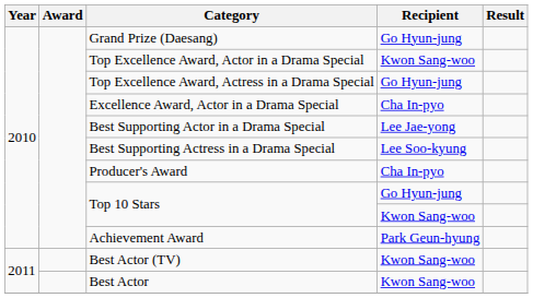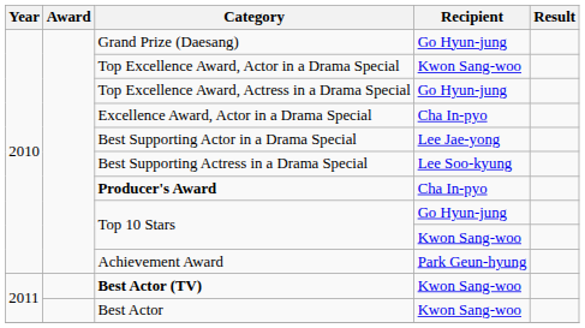 <table class="wikitable">
 <tr>
 <th>Year</th>
 <th>Award</th>
 <th>Category</th>
 <th>Recipient</th>
 <th>Result</th>
 </tr>
 <tr>
 <td rowspan=10>2010</td>
 <td rowspan=10></td>
 <td>Grand Prize (Daesang)</td>
 <td><a href='#'>Go Hyun-jung</a></td>
 <td></td>
 </tr>
 <tr>
 <td>Top Excellence Award, Actor in a Drama Special</td>
 <td><a href='#'>Kwon Sang-woo</a></td>
 <td></td>
 </tr>
 <tr>
 <td>Top Excellence Award, Actress in a Drama Special</td>
 <td><a href='#'>Go Hyun-jung</a></td>
 <td></td>
 </tr>
 <tr>
 <td>Excellence Award, Actor in a Drama Special</td>
 <td><a href='#'>Cha In-pyo</a></td>
 <td></td>
 </tr>
 <tr>
 <td>Best Supporting Actor in a Drama Special</td>
 <td><a href='#'>Lee Jae-yong</a></td>
 <td></td>
 </tr>
 <tr>
 <td>Best Supporting Actress in a Drama Special</td>
 <td><a href='#'>Lee Soo-kyung</a></td>
 <td></td>
 </tr>
 <tr>
-<td>Producer's Award</td>
+<td><strong>Producer's Award</strong></td>
 <td><a href='#'>Cha In-pyo</a></td>
 <td></td>
 </tr>
 <tr>
 <td rowspan=2>Top 10 Stars</td>
 <td><a href='#'>Go Hyun-jung</a></td>
 <td></td>
 </tr>
 <tr>
 <td><a href='#'>Kwon Sang-woo</a></td>
 <td></td>
 </tr>
 <tr>
 <td>Achievement Award</td>
 <td><a href='#'>Park Geun-hyung</a></td>
 <td></td>
 </tr>
 <tr>
 <td rowspan=2>2011</td>
 <td></td>
-<td>Best Actor (TV)</td>
+<td><strong>Best Actor (TV)</strong></td>
 <td><a href='#'>Kwon Sang-woo</a></td>
 <td></td>
 </tr>
 <tr>
 <td></td>
 <td>Best Actor</td>
 <td><a href='#'>Kwon Sang-woo</a></td>
 <td></td>
 </tr>
 <tr>
 </tr>
 </table>
